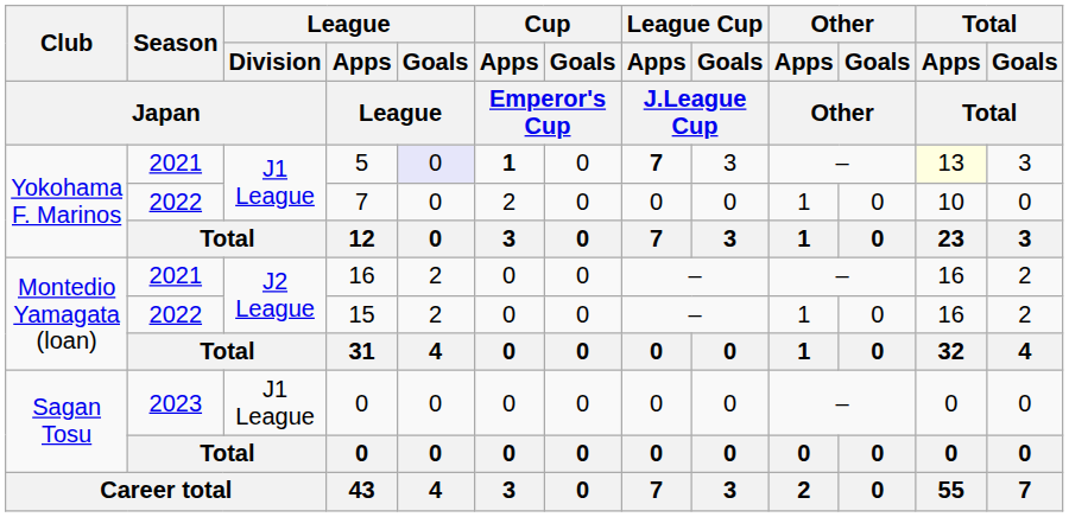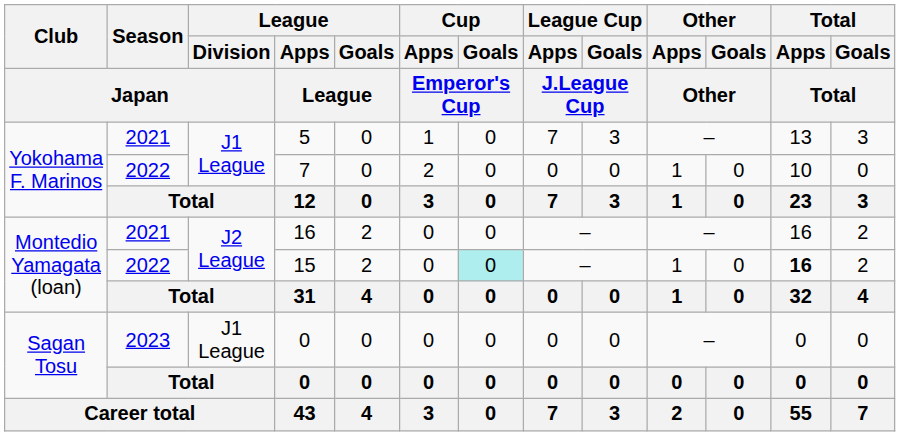 <table class="wikitable" style="text-align: center">
 <tr>
 <th rowspan="2">Club</th>
 <th rowspan="2">Season</th>
 <th colspan="3">League</th>
 <th colspan="2">Cup</th>
 <th colspan="2">League Cup</th>
 <th colspan="2">Other</th>
 <th colspan="2">Total</th>
 </tr>
 <tr>
 <th>Division</th>
 <th>Apps</th>
 <th>Goals</th>
 <th>Apps</th>
 <th>Goals</th>
 <th>Apps</th>
 <th>Goals</th>
 <th>Apps</th>
 <th>Goals</th>
 <th>Apps</th>
 <th>Goals</th>
 </tr>
 <tr>
 <th colspan=3>Japan</th>
 <th colspan=2>League</th>
 <th colspan=2><a href='#'>Emperor's Cup</a></th>
 <th colspan=2><a href='#'>J.League Cup</a></th>
 <th colspan=2>Other</th>
 <th colspan=2>Total</th>
 </tr>
 <tr>
 <td rowspan="3"><a href='#'>Yokohama F. Marinos</a></td>
 <td><a href='#'>2021</a></td>
 <td rowspan="2"><a href='#'>J1 League</a></td>
 <td>5</td>
-<td style="background: lavender;">0</td>
-<td><strong>1</strong></td>
 <td>0</td>
-<td><strong>7</strong></td>
+<td>1</td>
+<td>0</td>
+<td>7</td>
 <td>3</td>
 <td colspan="2">–</td>
-<td style="background: lightyellow;">13</td>
+<td>13</td>
 <td>3</td>
 </tr>
 <tr>
 <td><a href='#'>2022</a></td>
 <td>7</td>
 <td>0</td>
 <td>2</td>
 <td>0</td>
 <td>0</td>
 <td>0</td>
 <td>1</td>
 <td>0</td>
 <td>10</td>
 <td>0</td>
 </tr>
 <tr>
 <th colspan="2">Total</th>
 <th>12</th>
 <th>0</th>
 <th>3</th>
 <th>0</th>
 <th>7</th>
 <th>3</th>
 <th>1</th>
 <th>0</th>
 <th>23</th>
 <th>3</th>
 </tr>
 <tr>
 <td rowspan="3"><a href='#'>Montedio Yamagata</a> (loan)</td>
 <td><a href='#'>2021</a></td>
 <td rowspan="2"><a href='#'>J2 League</a></td>
 <td>16</td>
 <td>2</td>
 <td>0</td>
 <td>0</td>
 <td colspan="2">–</td>
 <td colspan="2">–</td>
 <td>16</td>
 <td>2</td>
 </tr>
 <tr>
 <td><a href='#'>2022</a></td>
 <td>15</td>
 <td>2</td>
 <td>0</td>
-<td>0</td>
+<td style="background: paleturquoise;">0</td>
 <td colspan="2">–</td>
 <td>1</td>
 <td>0</td>
-<td>16</td>
+<td><strong>16</strong></td>
 <td>2</td>
 </tr>
 <tr>
 <th colspan="2">Total</th>
 <th>31</th>
 <th>4</th>
 <th>0</th>
 <th>0</th>
 <th>0</th>
 <th>0</th>
 <th>1</th>
 <th>0</th>
 <th>32</th>
 <th>4</th>
 </tr>
 <tr>
 <td rowspan="2"><a href='#'>Sagan Tosu</a></td>
 <td><a href='#'>2023</a></td>
 <td>J1 League</td>
 <td>0</td>
 <td>0</td>
 <td>0</td>
 <td>0</td>
 <td>0</td>
 <td>0</td>
 <td colspan="2">–</td>
 <td>0</td>
 <td>0</td>
 </tr>
 <tr>
 <th colspan="2">Total</th>
 <th>0</th>
 <th>0</th>
 <th>0</th>
 <th>0</th>
 <th>0</th>
 <th>0</th>
 <th>0</th>
 <th>0</th>
 <th>0</th>
 <th>0</th>
 </tr>
 <tr>
 <th colspan=3>Career total</th>
 <th>43</th>
 <th>4</th>
 <th>3</th>
 <th>0</th>
 <th>7</th>
 <th>3</th>
 <th>2</th>
 <th>0</th>
 <th>55</th>
 <th>7</th>
 </tr>
 </table>
